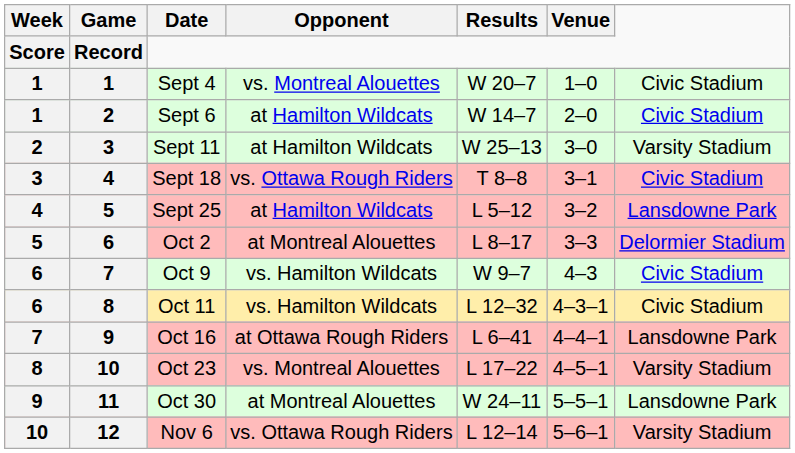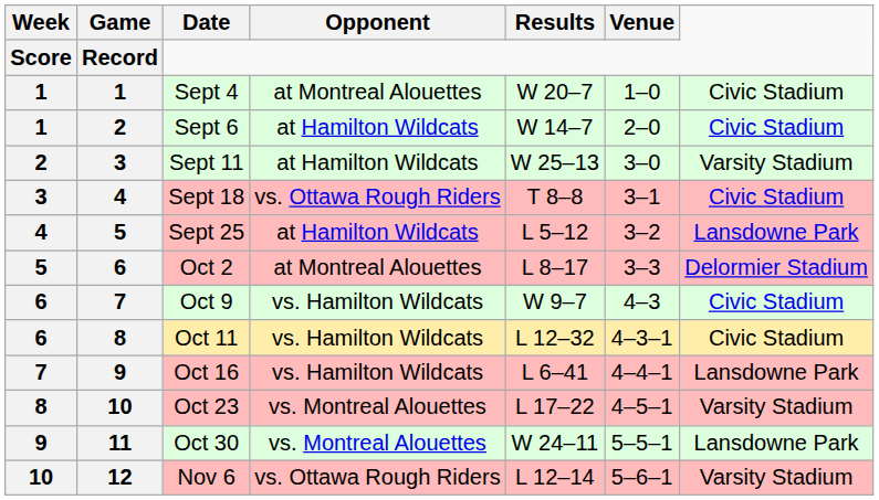 <table class="wikitable" style="text-align:center">
 <tr>
 <th>Week</th>
 <th>Game</th>
 <th>Date</th>
 <th>Opponent</th>
 <th>Results</th>
 <th>Venue</th>
 </tr>
 <tr>
 <th>Score</th>
 <th>Record</th>
 </tr>
 <tr style="background:#ddffdd">
 <th>1</th>
 <th>1</th>
 <td>Sept 4</td>
-<td>vs. <a href='#'>Montreal Alouettes</a></td>
+<td>at Montreal Alouettes</td>
 <td>W 20–7</td>
 <td>1–0</td>
 <td>Civic Stadium</td>
 </tr>
 <tr style="background:#ddffdd">
 <th>1</th>
 <th>2</th>
 <td>Sept 6</td>
 <td>at <a href='#'>Hamilton Wildcats</a></td>
 <td>W 14–7</td>
 <td>2–0</td>
 <td><a href='#'>Civic Stadium</a></td>
 </tr>
 <tr style="background:#ddffdd">
 <th>2</th>
 <th>3</th>
 <td>Sept 11</td>
 <td>at Hamilton Wildcats</td>
 <td>W 25–13</td>
 <td>3–0</td>
 <td>Varsity Stadium</td>
 </tr>
 <tr style="background:#ffbbbb">
 <th>3</th>
 <th>4</th>
 <td>Sept 18</td>
 <td>vs. <a href='#'>Ottawa Rough Riders</a></td>
 <td>T 8–8</td>
 <td>3–1</td>
 <td><a href='#'>Civic Stadium</a></td>
 </tr>
 <tr style="background:#ffbbbb">
 <th>4</th>
 <th>5</th>
 <td>Sept 25</td>
 <td>at <a href='#'>Hamilton Wildcats</a></td>
 <td>L 5–12</td>
 <td>3–2</td>
 <td><a href='#'>Lansdowne Park</a></td>
 </tr>
 <tr style="background:#ffbbbb">
 <th>5</th>
 <th>6</th>
 <td>Oct 2</td>
 <td>at Montreal Alouettes</td>
 <td>L 8–17</td>
 <td>3–3</td>
 <td><a href='#'>Delormier Stadium</a></td>
 </tr>
 <tr style="background:#ddffdd">
 <th>6</th>
 <th>7</th>
 <td>Oct 9</td>
 <td>vs. Hamilton Wildcats</td>
 <td>W 9–7</td>
 <td>4–3</td>
 <td><a href='#'>Civic Stadium</a></td>
 </tr>
 <tr style="background:#ffeeaa">
 <th>6</th>
 <th>8</th>
 <td>Oct 11</td>
 <td>vs. Hamilton Wildcats</td>
 <td>L 12–32</td>
 <td>4–3–1</td>
 <td>Civic Stadium</td>
 </tr>
 <tr style="background:#ffbbbb">
 <th>7</th>
 <th>9</th>
 <td>Oct 16</td>
-<td>at Ottawa Rough Riders</td>
+<td>vs. Hamilton Wildcats</td>
 <td>L 6–41</td>
 <td>4–4–1</td>
 <td>Lansdowne Park</td>
 </tr>
 <tr style="background:#ffbbbb">
 <th>8</th>
 <th>10</th>
 <td>Oct 23</td>
 <td>vs. Montreal Alouettes</td>
 <td>L 17–22</td>
 <td>4–5–1</td>
 <td>Varsity Stadium</td>
 </tr>
 <tr style="background:#ddffdd">
 <th>9</th>
 <th>11</th>
 <td>Oct 30</td>
-<td>at Montreal Alouettes</td>
+<td>vs. <a href='#'>Montreal Alouettes</a></td>
 <td>W 24–11</td>
 <td>5–5–1</td>
 <td>Lansdowne Park</td>
 </tr>
 <tr style="background:#ffbbbb">
 <th>10</th>
 <th>12</th>
 <td>Nov 6</td>
 <td>vs. Ottawa Rough Riders</td>
 <td>L 12–14</td>
 <td>5–6–1</td>
 <td>Varsity Stadium</td>
 </tr>
 </table>
